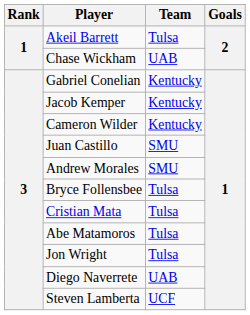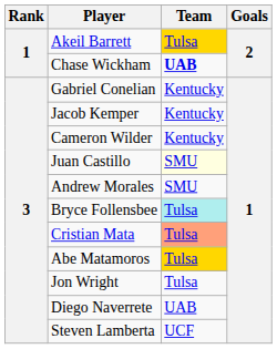 <table class="wikitable" style="text-align:center">
 <tr>
 <th>Rank</th>
 <th>Player</th>
 <th>Team</th>
 <th>Goals</th>
 </tr>
 <tr>
 <th rowspan=2>1</th>
 <td align=left><a href='#'>Akeil Barrett</a></td>
-<td align=left><a href='#'>Tulsa</a></td>
+<td align=left style="background: gold;"><a href='#'>Tulsa</a></td>
 <th rowspan=2>2</th>
 </tr>
 <tr>
 <td align=left>Chase Wickham</td>
-<td align=left><a href='#'>UAB</a></td>
+<td align=left><strong><a href='#'>UAB</a></strong></td>
 </tr>
 <tr>
 <th rowspan=11>3</th>
 <td align=left>Gabriel Conelian</td>
 <td align=left><a href='#'>Kentucky</a></td>
 <th rowspan=11>1</th>
 </tr>
 <tr>
 <td align=left>Jacob Kemper</td>
 <td align=left><a href='#'>Kentucky</a></td>
 </tr>
 <tr>
 <td align=left>Cameron Wilder</td>
 <td align=left><a href='#'>Kentucky</a></td>
 </tr>
 <tr>
 <td align=left>Juan Castillo</td>
-<td align=left><a href='#'>SMU</a></td>
+<td align=left style="background: lightyellow;"><a href='#'>SMU</a></td>
 </tr>
 <tr>
 <td align=left>Andrew Morales</td>
 <td align=left><a href='#'>SMU</a></td>
 </tr>
 <tr>
 <td align=left>Bryce Follensbee</td>
-<td align=left><a href='#'>Tulsa</a></td>
+<td align=left style="background: paleturquoise;"><a href='#'>Tulsa</a></td>
 </tr>
 <tr>
 <td align=left><a href='#'>Cristian Mata</a></td>
-<td align=left><a href='#'>Tulsa</a></td>
+<td align=left style="background: lightsalmon;"><a href='#'>Tulsa</a></td>
 </tr>
 <tr>
 <td align=left>Abe Matamoros</td>
-<td align=left><a href='#'>Tulsa</a></td>
+<td align=left style="background: gold;"><a href='#'>Tulsa</a></td>
 </tr>
 <tr>
 <td align=left>Jon Wright</td>
 <td align=left><a href='#'>Tulsa</a></td>
 </tr>
 <tr>
 <td align=left>Diego Naverrete</td>
 <td align=left><a href='#'>UAB</a></td>
 </tr>
 <tr>
 <td align=left>Steven Lamberta</td>
 <td align=left><a href='#'>UCF</a></td>
 </tr>
 </table>
